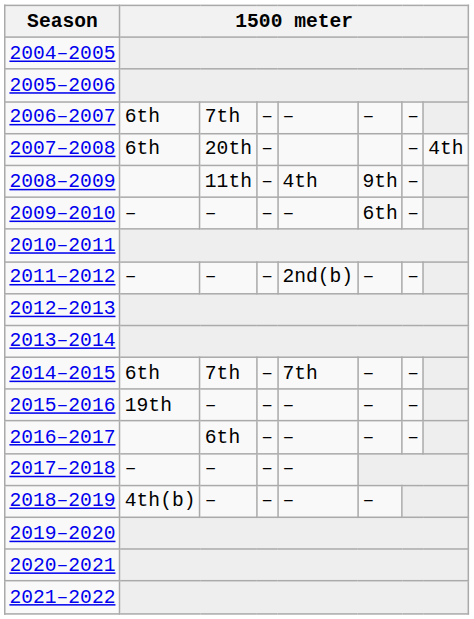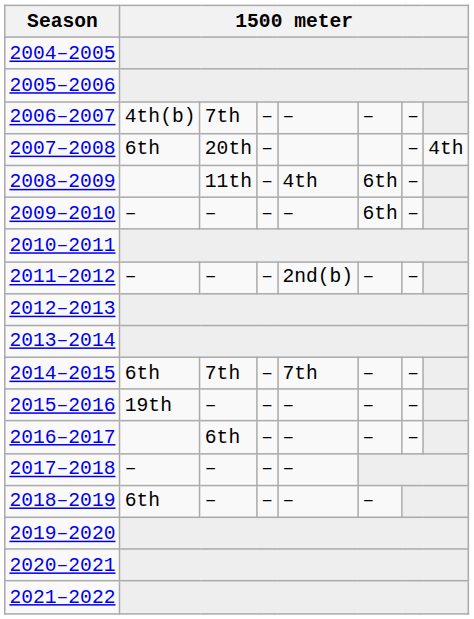 <table class="wikitable" style="display: inline-table;">
 <tr>
 <th>Season</th>
 <th colspan="7">1500 meter</th>
 </tr>
 <tr>
 <td><a href='#'>2004–2005</a></td>
 <td colspan="7" bgcolor=#EEEEEE></td>
 </tr>
 <tr>
 <td><a href='#'>2005–2006</a></td>
 <td colspan="7" bgcolor=#EEEEEE></td>
 </tr>
 <tr>
 <td><a href='#'>2006–2007</a></td>
-<td>6th</td>
+<td>4th(b)</td>
 <td>7th</td>
 <td>–</td>
 <td>–</td>
 <td>–</td>
 <td>–</td>
 <td colspan="1" bgcolor=#EEEEEE></td>
 </tr>
 <tr>
 <td><a href='#'>2007–2008</a></td>
 <td>6th</td>
 <td>20th</td>
 <td>–</td>
 <td></td>
 <td></td>
 <td>–</td>
 <td>4th</td>
 </tr>
 <tr>
 <td><a href='#'>2008–2009</a></td>
 <td></td>
 <td>11th</td>
 <td>–</td>
 <td>4th</td>
-<td>9th</td>
+<td>6th</td>
 <td>–</td>
 <td colspan="1" bgcolor=#EEEEEE></td>
 </tr>
 <tr>
 <td><a href='#'>2009–2010</a></td>
 <td>–</td>
 <td>–</td>
 <td>–</td>
 <td>–</td>
 <td>6th</td>
 <td>–</td>
 <td colspan="1" bgcolor=#EEEEEE></td>
 </tr>
 <tr>
 <td><a href='#'>2010–2011</a></td>
 <td colspan="7" bgcolor=#EEEEEE></td>
 </tr>
 <tr>
 <td><a href='#'>2011–2012</a></td>
 <td>–</td>
 <td>–</td>
 <td>–</td>
 <td>2nd(b)</td>
 <td>–</td>
 <td>–</td>
 <td colspan="1" bgcolor=#EEEEEE></td>
 </tr>
 <tr>
 <td><a href='#'>2012–2013</a></td>
 <td colspan="7" bgcolor=#EEEEEE></td>
 </tr>
 <tr>
 <td><a href='#'>2013–2014</a></td>
 <td colspan="7" bgcolor=#EEEEEE></td>
 </tr>
 <tr>
 <td><a href='#'>2014–2015</a></td>
 <td>6th</td>
 <td>7th</td>
 <td>–</td>
 <td>7th</td>
 <td>–</td>
 <td>–</td>
 <td colspan="1" bgcolor=#EEEEEE></td>
 </tr>
 <tr>
 <td><a href='#'>2015–2016</a></td>
 <td>19th</td>
 <td>–</td>
 <td>–</td>
 <td>–</td>
 <td>–</td>
 <td>–</td>
 <td colspan="1" bgcolor=#EEEEEE></td>
 </tr>
 <tr>
 <td><a href='#'>2016–2017</a></td>
 <td></td>
 <td>6th</td>
 <td>–</td>
 <td>–</td>
 <td>–</td>
 <td>–</td>
 <td colspan="1" bgcolor=#EEEEEE></td>
 </tr>
 <tr>
 <td><a href='#'>2017–2018</a></td>
 <td>–</td>
 <td>–</td>
 <td>–</td>
 <td>–</td>
 <td colspan="3" bgcolor=#EEEEEE></td>
 </tr>
 <tr>
 <td><a href='#'>2018–2019</a></td>
-<td>4th(b)</td>
+<td>6th</td>
 <td>–</td>
 <td>–</td>
 <td>–</td>
 <td>–</td>
 <td colspan="2" bgcolor=#EEEEEE></td>
 </tr>
 <tr>
 <td><a href='#'>2019–2020</a></td>
 <td colspan="7" bgcolor=#EEEEEE></td>
 </tr>
 <tr>
 <td><a href='#'>2020–2021</a></td>
 <td colspan="7" bgcolor=#EEEEEE></td>
 </tr>
 <tr>
 <td><a href='#'>2021–2022</a></td>
 <td colspan="7" bgcolor=#EEEEEE></td>
 </tr>
 </table>
